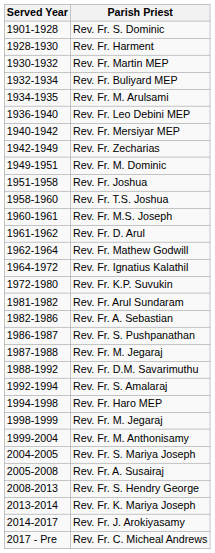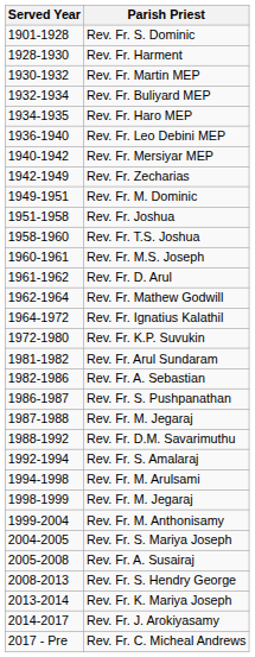 <table class="wikitable">
 <tr>
 <th>Served Year</th>
 <th>Parish Priest</th>
 </tr>
 <tr>
 <td>1901-1928</td>
 <td>Rev. Fr. S. Dominic</td>
 </tr>
 <tr>
 <td>1928-1930</td>
 <td>Rev. Fr. Harment</td>
 </tr>
 <tr>
 <td>1930-1932</td>
 <td>Rev. Fr. Martin MEP</td>
 </tr>
 <tr>
 <td>1932-1934</td>
 <td>Rev. Fr. Buliyard  MEP</td>
 </tr>
 <tr>
 <td>1934-1935</td>
-<td>Rev. Fr. M. Arulsami</td>
+<td>Rev. Fr. Haro MEP</td>
 </tr>
 <tr>
 <td>1936-1940</td>
 <td>Rev. Fr. Leo Debini MEP</td>
 </tr>
 <tr>
 <td>1940-1942</td>
 <td>Rev. Fr. Mersiyar MEP</td>
 </tr>
 <tr>
 <td>1942-1949</td>
 <td>Rev. Fr. Zecharias</td>
 </tr>
 <tr>
 <td>1949-1951</td>
 <td>Rev. Fr. M. Dominic</td>
 </tr>
 <tr>
 <td>1951-1958</td>
 <td>Rev. Fr. Joshua</td>
 </tr>
 <tr>
 <td>1958-1960</td>
 <td>Rev. Fr. T.S. Joshua</td>
 </tr>
 <tr>
 <td>1960-1961</td>
 <td>Rev. Fr. M.S. Joseph</td>
 </tr>
 <tr>
 <td>1961-1962</td>
 <td>Rev. Fr. D. Arul</td>
 </tr>
 <tr>
 <td>1962-1964</td>
 <td>Rev. Fr. Mathew Godwill</td>
 </tr>
 <tr>
 <td>1964-1972</td>
 <td>Rev. Fr. Ignatius Kalathil</td>
 </tr>
 <tr>
 <td>1972-1980</td>
 <td>Rev. Fr. K.P. Suvukin</td>
 </tr>
 <tr>
 <td>1981-1982</td>
 <td>Rev. Fr. Arul Sundaram</td>
 </tr>
 <tr>
 <td>1982-1986</td>
 <td>Rev. Fr. A. Sebastian</td>
 </tr>
 <tr>
 <td>1986-1987</td>
 <td>Rev. Fr. S. Pushpanathan</td>
 </tr>
 <tr>
 <td>1987-1988</td>
 <td>Rev. Fr. M. Jegaraj</td>
 </tr>
 <tr>
 <td>1988-1992</td>
 <td>Rev. Fr. D.M. Savarimuthu</td>
 </tr>
 <tr>
 <td>1992-1994</td>
 <td>Rev. Fr. S. Amalaraj</td>
 </tr>
 <tr>
 <td>1994-1998</td>
-<td>Rev. Fr. Haro MEP</td>
+<td>Rev. Fr. M. Arulsami</td>
 </tr>
 <tr>
 <td>1998-1999</td>
 <td>Rev. Fr. M. Jegaraj</td>
 </tr>
 <tr>
 <td>1999-2004</td>
 <td>Rev. Fr. M. Anthonisamy</td>
 </tr>
 <tr>
 <td>2004-2005</td>
 <td>Rev. Fr. S. Mariya Joseph</td>
 </tr>
 <tr>
 <td>2005-2008</td>
 <td>Rev. Fr. A. Susairaj</td>
 </tr>
 <tr>
 <td>2008-2013</td>
 <td>Rev. Fr. S. Hendry George</td>
 </tr>
 <tr>
 <td>2013-2014</td>
 <td>Rev. Fr. K. Mariya Joseph</td>
 </tr>
 <tr>
 <td>2014-2017</td>
 <td>Rev. Fr. J. Arokiyasamy</td>
 </tr>
 <tr>
 <td>2017 - Pre</td>
 <td>Rev. Fr. C. Micheal Andrews</td>
 </tr>
 </table>
